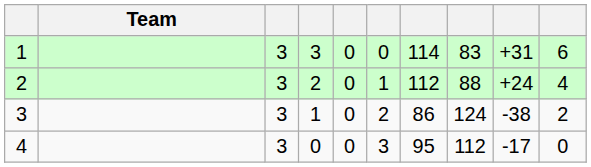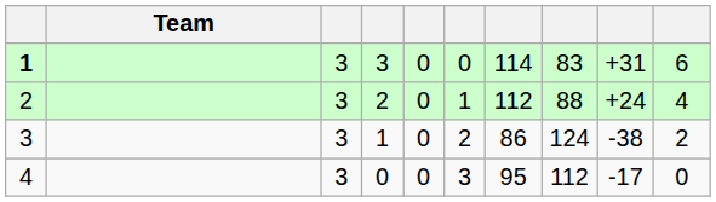 <table class=wikitable style=text-align:center>
 <tr>
 <th width=20 abbr=Position></th>
 <th width=175>Team</th>
 <th width=20 abbr=Played></th>
 <th width=20 abbr=Won></th>
 <th width=20 abbr=Drawn></th>
 <th width=20 abbr=Lost></th>
 <th width=30 abbr=Goal for></th>
 <th width=30 abbr=Goal against></th>
 <th width=30 abbr=Goal difference></th>
 <th width=30 abbr=Points></th>
 </tr>
 <tr bgcolor=#CCFFCC>
-<td>1</td>
+<td><strong>1</strong></td>
 <td align=left></td>
 <td>3</td>
 <td>3</td>
 <td>0</td>
 <td>0</td>
 <td>114</td>
 <td>83</td>
 <td>+31</td>
 <td>6</td>
 </tr>
 <tr bgcolor=#CCFFCC>
 <td>2</td>
 <td align=left></td>
 <td>3</td>
 <td>2</td>
 <td>0</td>
 <td>1</td>
 <td>112</td>
 <td>88</td>
 <td>+24</td>
 <td>4</td>
 </tr>
 <tr>
 <td>3</td>
 <td align=left></td>
 <td>3</td>
 <td>1</td>
 <td>0</td>
 <td>2</td>
 <td>86</td>
 <td>124</td>
 <td>-38</td>
 <td>2</td>
 </tr>
 <tr>
 <td>4</td>
 <td align=left></td>
 <td>3</td>
 <td>0</td>
 <td>0</td>
 <td>3</td>
 <td>95</td>
 <td>112</td>
 <td>-17</td>
 <td>0</td>
 </tr>
 </table>
